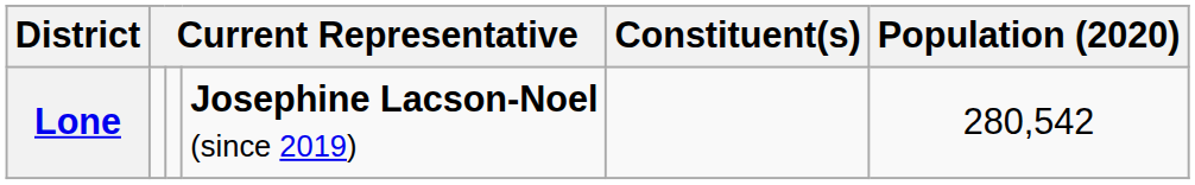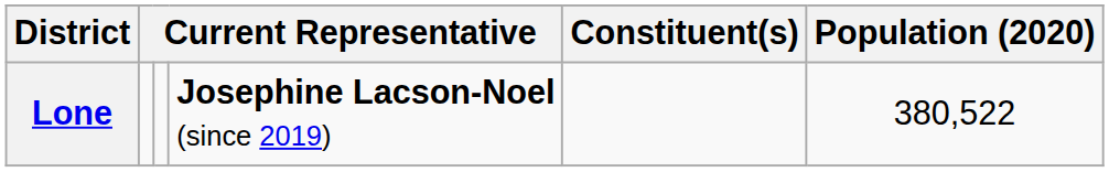 <table class="wikitable sortable" style="margin: 1em auto; font-size:100%; line-height:20px; text-align:center">
 <tr>
 <th>District</th>
 <th colspan="3">Current Representative</th>
 <th>Constituent(s)</th>
 <th>Population (2020)</th>
 </tr>
 <tr>
 <th><a href='#'>Lone</a></th>
 <td style="background:"></td>
 <td></td>
 <td style="text-align:left;"><strong>Josephine Lacson-Noel</strong><br><small>(since <a href='#'>2019</a>)</small></td>
 <td></td>
-<td>280,542</td>
+<td>380,522</td>
 </tr>
 </table>
